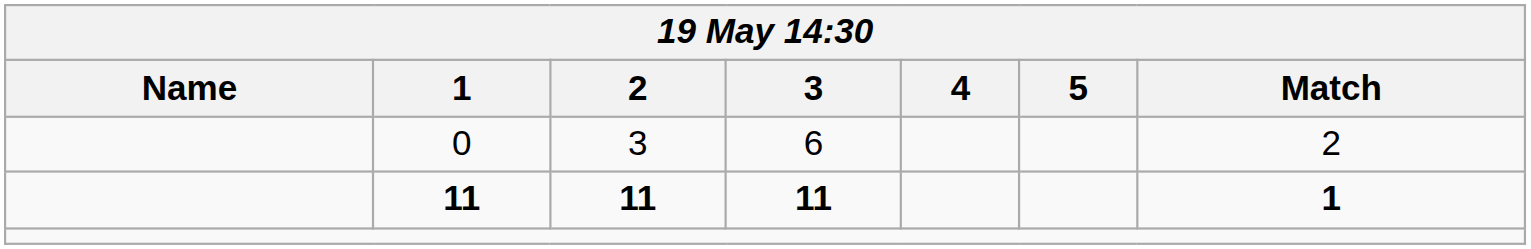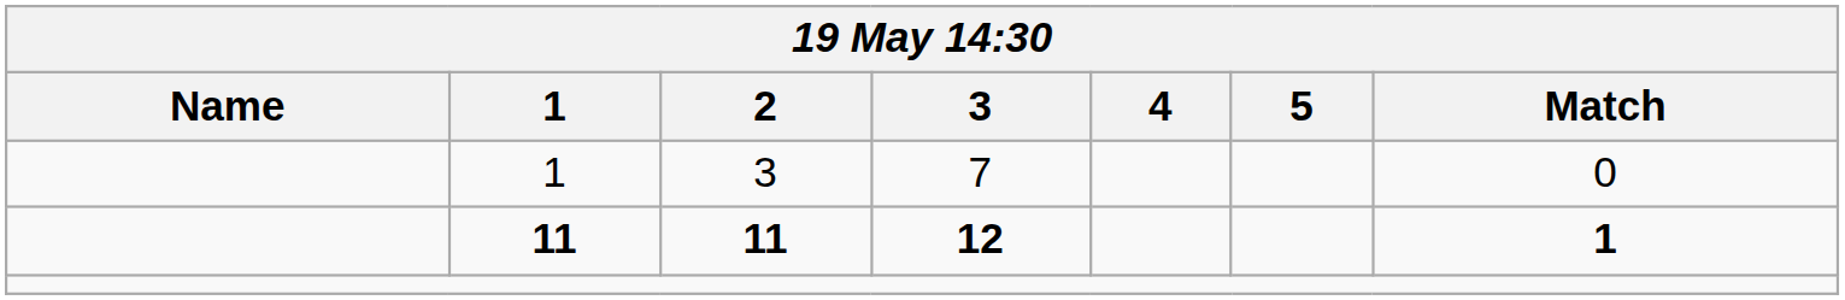 <table class=wikitable style="text-align:center; width: 55%">
 <tr>
 <th colspan=17><em>19 May 14:30</em></th>
 </tr>
 <tr>
 <th>Name</th>
 <th>1</th>
 <th>2</th>
 <th>3</th>
 <th>4</th>
 <th>5</th>
 <th>Match</th>
 </tr>
 <tr>
 <td style="text-align:left;"></td>
-<td>0</td>
+<td>1</td>
 <td>3</td>
-<td>6</td>
+<td>7</td>
 <td></td>
 <td></td>
-<td>2</td>
+<td>0</td>
 </tr>
 <tr>
 <td style="text-align:left;"><strong></strong></td>
 <td><strong>11</strong></td>
 <td><strong>11</strong></td>
-<td><strong>11</strong></td>
+<td><strong>12</strong></td>
 <td></td>
 <td></td>
 <td><strong>1</strong></td>
 </tr>
 <tr>
 <td colspan=17></td>
 </tr>
 </table>
